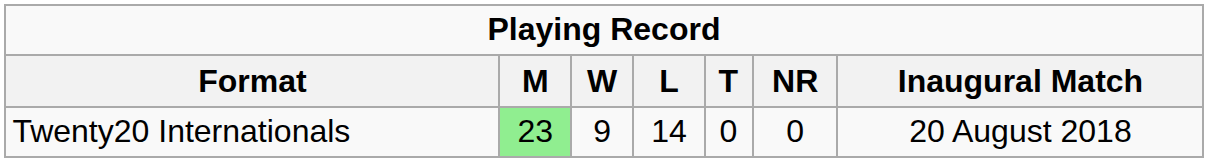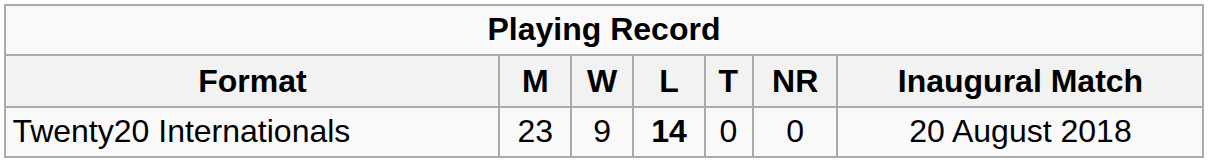 <table class="wikitable" style="text-align: center; width: 600px;">
 <tr>
 <td colspan=7 align="center"><strong>Playing Record</strong></td>
 </tr>
 <tr>
 <th>Format</th>
 <th>M</th>
 <th>W</th>
 <th>L</th>
 <th>T</th>
 <th>NR</th>
 <th>Inaugural Match</th>
 </tr>
 <tr>
 <td align="left">Twenty20 Internationals</td>
-<td style="background: lightgreen;">23</td>
+<td>23</td>
 <td>9</td>
-<td>14</td>
+<td><strong>14</strong></td>
 <td>0</td>
 <td>0</td>
 <td>20 August 2018</td>
 </tr>
 </table>
